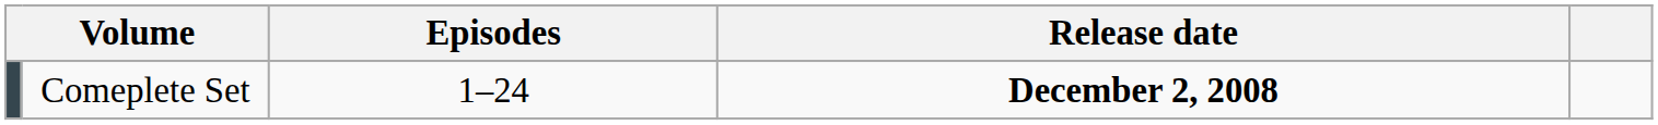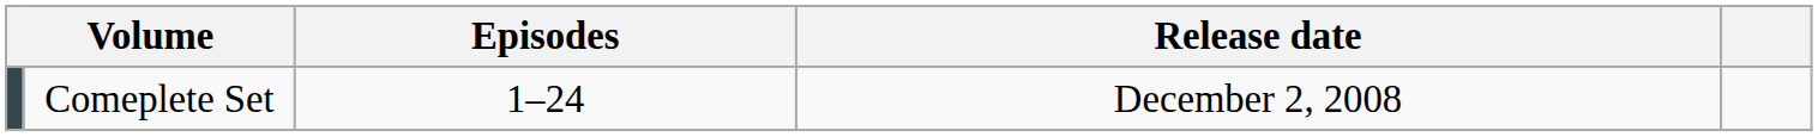 <table class="wikitable" style="text-align:center;">
 <tr>
 <th colspan="2" width="16%">Volume</th>
 <th>Episodes</th>
 <th>Release date</th>
 <th width="5%"></th>
 </tr>
 <tr>
 <td rowspan="1" width="1%" style="background: #35464E"></td>
 <td>Comeplete Set</td>
 <td>1–24</td>
-<td><strong>December 2, 2008</strong></td>
+<td>December 2, 2008</td>
 <td></td>
 </tr>
 </table>
